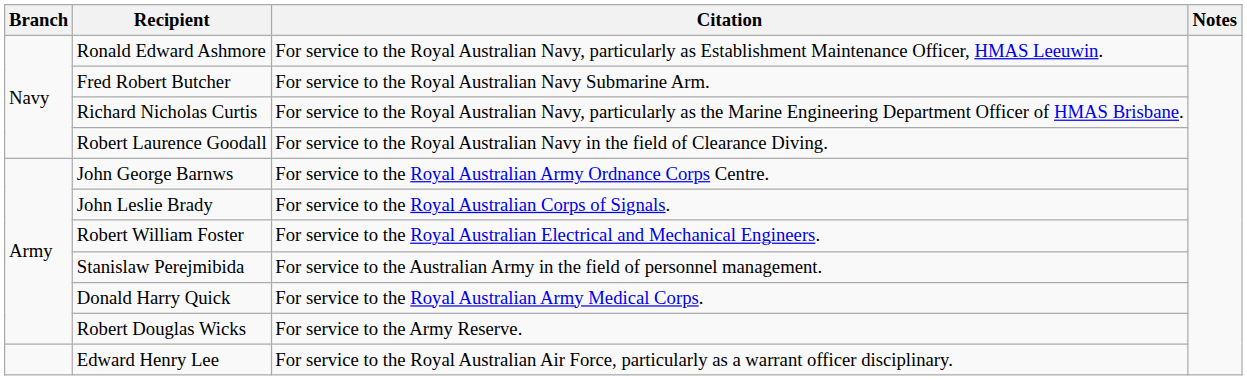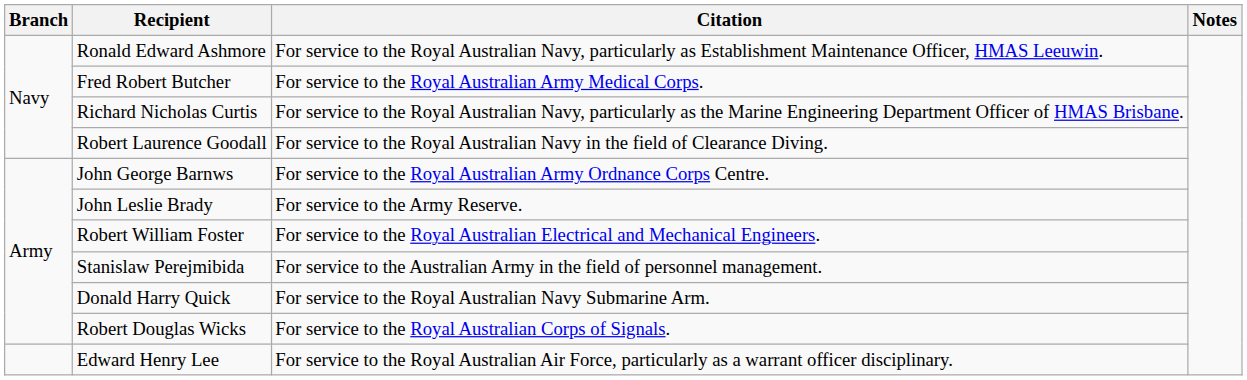 <table class="wikitable" style="font-size:95%;">
 <tr>
 <th>Branch</th>
 <th>Recipient</th>
 <th>Citation</th>
 <th>Notes</th>
 </tr>
 <tr>
 <td rowspan=4>Navy</td>
 <td> Ronald Edward Ashmore</td>
 <td>For service to the Royal Australian Navy, particularly as Establishment Maintenance Officer, <a href='#'>HMAS Leeuwin</a>.</td>
 <td rowspan=11></td>
 </tr>
 <tr>
 <td> Fred Robert Butcher</td>
-<td>For service to the Royal Australian Navy Submarine Arm.</td>
+<td>For service to the <a href='#'>Royal Australian Army Medical Corps</a>.</td>
 </tr>
 <tr>
 <td> Richard Nicholas Curtis</td>
 <td>For service to the Royal Australian Navy, particularly as the Marine Engineering Department Officer of <a href='#'>HMAS Brisbane</a>.</td>
 </tr>
 <tr>
 <td> Robert Laurence Goodall</td>
 <td>For service to the Royal Australian Navy in the field of Clearance Diving.</td>
 </tr>
 <tr>
 <td rowspan=6>Army</td>
 <td> John George Barnws</td>
 <td>For service to the <a href='#'>Royal Australian Army Ordnance Corps</a> Centre.</td>
 </tr>
 <tr>
 <td> John Leslie Brady</td>
-<td>For service to the <a href='#'>Royal Australian Corps of Signals</a>.</td>
+<td>For service to the Army Reserve.</td>
 </tr>
 <tr>
 <td> Robert William Foster</td>
 <td>For service to the <a href='#'>Royal Australian Electrical and Mechanical Engineers</a>.</td>
 </tr>
 <tr>
 <td> Stanislaw Perejmibida</td>
 <td>For service to the Australian Army in the field of personnel management.</td>
 </tr>
 <tr>
 <td> Donald Harry Quick</td>
-<td>For service to the <a href='#'>Royal Australian Army Medical Corps</a>.</td>
+<td>For service to the Royal Australian Navy Submarine Arm.</td>
 </tr>
 <tr>
 <td> Robert Douglas Wicks</td>
-<td>For service to the Army Reserve.</td>
+<td>For service to the <a href='#'>Royal Australian Corps of Signals</a>.</td>
 </tr>
 <tr>
 <td rowspan=1></td>
 <td> Edward Henry Lee</td>
 <td>For service to the Royal Australian Air Force, particularly as a warrant officer disciplinary.</td>
 </tr>
 </table>
